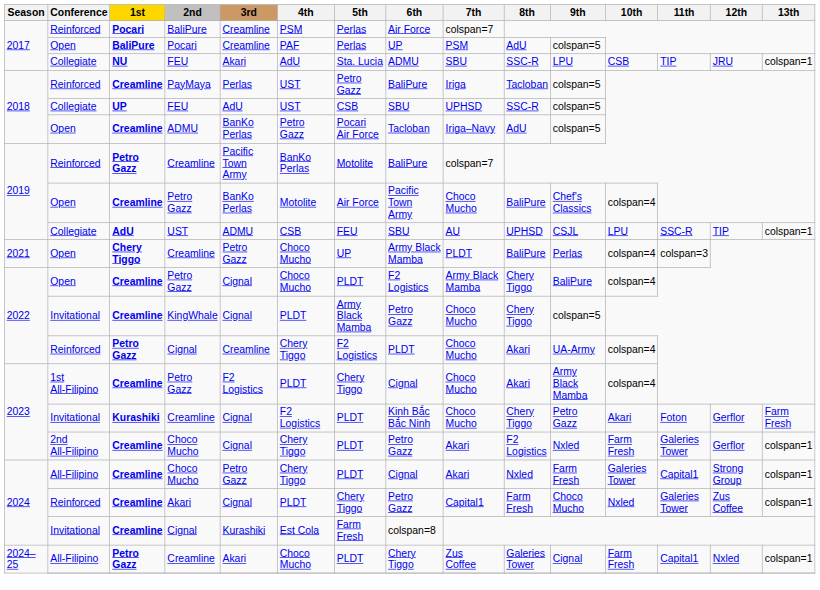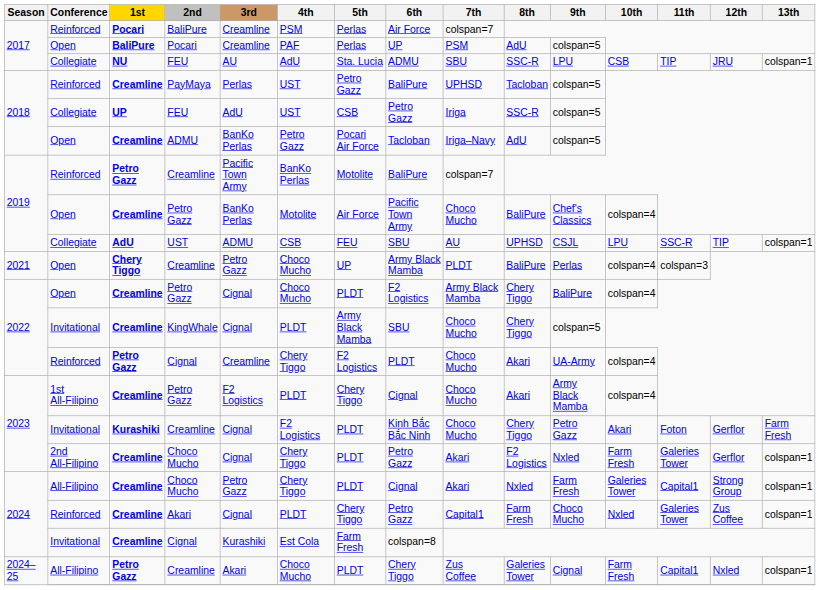 <table class="wikitable">
 <tr>
 <th>Season</th>
 <th>Conference</th>
 <th style="background:gold">1st</th>
 <th style="background:silver">2nd</th>
 <th style="background:#CC9966">3rd</th>
 <th>4th</th>
 <th>5th</th>
 <th>6th</th>
 <th>7th</th>
 <th>8th</th>
 <th>9th</th>
 <th>10th</th>
 <th>11th</th>
 <th>12th</th>
 <th>13th</th>
 </tr>
 <tr>
 <td rowspan=3><a href='#'>2017</a></td>
 <td><a href='#'>Reinforced</a></td>
 <td><strong><a href='#'>Pocari</a></strong></td>
 <td><a href='#'>BaliPure</a></td>
 <td><a href='#'>Creamline</a></td>
 <td><a href='#'>PSM</a></td>
 <td><a href='#'>Perlas</a></td>
 <td><a href='#'>Air Force</a></td>
 <td>colspan=7 </td>
 </tr>
 <tr>
 <td><a href='#'>Open</a></td>
 <td><strong><a href='#'>BaliPure</a></strong></td>
 <td><a href='#'>Pocari</a></td>
 <td><a href='#'>Creamline</a></td>
 <td><a href='#'>PAF</a></td>
 <td><a href='#'>Perlas</a></td>
 <td><a href='#'>UP</a></td>
 <td><a href='#'>PSM</a></td>
 <td><a href='#'>AdU</a></td>
 <td>colspan=5 </td>
 </tr>
 <tr>
 <td><a href='#'>Collegiate</a></td>
 <td><strong><a href='#'>NU</a></strong></td>
 <td><a href='#'>FEU</a></td>
-<td><a href='#'>Akari</a></td>
+<td><a href='#'>AU</a></td>
 <td><a href='#'>AdU</a></td>
 <td><a href='#'>Sta. Lucia</a></td>
 <td><a href='#'>ADMU</a></td>
 <td><a href='#'>SBU</a></td>
 <td><a href='#'>SSC-R</a></td>
 <td><a href='#'>LPU</a></td>
 <td><a href='#'>CSB</a></td>
 <td><a href='#'>TIP</a></td>
 <td><a href='#'>JRU</a></td>
 <td>colspan=1 </td>
 </tr>
 <tr>
 <td rowspan=3><a href='#'>2018</a></td>
 <td><a href='#'>Reinforced</a></td>
 <td><strong><a href='#'>Creamline</a></strong></td>
 <td><a href='#'>PayMaya</a></td>
 <td><a href='#'>Perlas</a></td>
 <td><a href='#'>UST</a></td>
 <td><a href='#'>Petro<br>Gazz</a></td>
 <td><a href='#'>BaliPure</a></td>
-<td><a href='#'>Iriga</a></td>
+<td><a href='#'>UPHSD</a></td>
 <td><a href='#'>Tacloban</a></td>
 <td>colspan=5 </td>
 </tr>
 <tr>
 <td><a href='#'>Collegiate</a></td>
 <td><strong><a href='#'>UP</a></strong></td>
 <td><a href='#'>FEU</a></td>
 <td><a href='#'>AdU</a></td>
 <td><a href='#'>UST</a></td>
 <td><a href='#'>CSB</a></td>
-<td><a href='#'>SBU</a></td>
-<td><a href='#'>UPHSD</a></td>
+<td><a href='#'>Petro<br>Gazz</a></td>
+<td><a href='#'>Iriga</a></td>
 <td><a href='#'>SSC-R</a></td>
 <td>colspan=5 </td>
 </tr>
 <tr>
 <td><a href='#'>Open</a></td>
 <td><strong><a href='#'>Creamline</a></strong></td>
 <td><a href='#'>ADMU</a></td>
 <td><a href='#'>BanKo<br>Perlas</a></td>
 <td><a href='#'>Petro<br>Gazz</a></td>
 <td><a href='#'>Pocari<br>Air Force</a></td>
 <td><a href='#'>Tacloban</a></td>
 <td><a href='#'>Iriga–Navy</a></td>
 <td><a href='#'>AdU</a></td>
 <td>colspan=5 </td>
 </tr>
 <tr>
 <td rowspan=3><a href='#'>2019</a></td>
 <td><a href='#'>Reinforced</a></td>
 <td><strong><a href='#'>Petro<br>Gazz</a></strong></td>
 <td><a href='#'>Creamline</a></td>
 <td><a href='#'>Pacific Town<br>Army</a></td>
 <td><a href='#'>BanKo Perlas</a></td>
 <td><a href='#'>Motolite</a></td>
 <td><a href='#'>BaliPure</a></td>
 <td>colspan=7 </td>
 </tr>
 <tr>
 <td><a href='#'>Open</a></td>
 <td><strong><a href='#'>Creamline</a></strong></td>
 <td><a href='#'>Petro<br>Gazz</a></td>
 <td><a href='#'>BanKo<br>Perlas</a></td>
 <td><a href='#'>Motolite</a></td>
 <td><a href='#'>Air Force</a></td>
 <td><a href='#'>Pacific Town<br>Army</a></td>
 <td><a href='#'>Choco<br>Mucho</a></td>
 <td><a href='#'>BaliPure</a></td>
 <td><a href='#'>Chef's<br>Classics</a></td>
 <td>colspan=4 </td>
 </tr>
 <tr>
 <td><a href='#'>Collegiate</a></td>
 <td><strong><a href='#'>AdU</a></strong></td>
 <td><a href='#'>UST</a></td>
 <td><a href='#'>ADMU</a></td>
 <td><a href='#'>CSB</a></td>
 <td><a href='#'>FEU</a></td>
 <td><a href='#'>SBU</a></td>
 <td><a href='#'>AU</a></td>
 <td><a href='#'>UPHSD</a></td>
 <td><a href='#'>CSJL</a></td>
 <td><a href='#'>LPU</a></td>
 <td><a href='#'>SSC-R</a></td>
 <td><a href='#'>TIP</a></td>
 <td>colspan=1 </td>
 </tr>
 <tr>
 <td><a href='#'>2021</a></td>
 <td><a href='#'>Open</a></td>
 <td><strong><a href='#'>Chery<br>Tiggo</a></strong></td>
 <td><a href='#'>Creamline</a></td>
 <td><a href='#'>Petro<br>Gazz</a></td>
 <td><a href='#'>Choco<br>Mucho</a></td>
 <td><a href='#'>UP</a></td>
 <td><a href='#'>Army Black<br>Mamba</a></td>
 <td><a href='#'>PLDT</a></td>
 <td><a href='#'>BaliPure</a></td>
 <td><a href='#'>Perlas</a></td>
 <td>colspan=4 </td>
 <td>colspan=3 </td>
 </tr>
 <tr>
 <td rowspan=3><a href='#'>2022</a></td>
 <td><a href='#'>Open</a></td>
 <td><strong><a href='#'>Creamline</a></strong></td>
 <td><a href='#'>Petro<br>Gazz</a></td>
 <td><a href='#'>Cignal</a></td>
 <td><a href='#'>Choco<br>Mucho</a></td>
 <td><a href='#'>PLDT</a></td>
 <td><a href='#'>F2<br>Logistics</a></td>
 <td><a href='#'>Army Black<br>Mamba</a></td>
 <td><a href='#'>Chery<br>Tiggo</a></td>
 <td><a href='#'>BaliPure</a></td>
 <td>colspan=4 </td>
 </tr>
 <tr>
 <td><a href='#'>Invitational</a></td>
 <td><strong><a href='#'>Creamline</a></strong></td>
 <td><a href='#'>KingWhale</a></td>
 <td><a href='#'>Cignal</a></td>
 <td><a href='#'>PLDT</a></td>
 <td><a href='#'>Army Black<br>Mamba</a></td>
-<td><a href='#'>Petro<br>Gazz</a></td>
+<td><a href='#'>SBU</a></td>
 <td><a href='#'>Choco<br>Mucho</a></td>
 <td><a href='#'>Chery<br>Tiggo</a></td>
 <td>colspan=5 </td>
 </tr>
 <tr>
 <td><a href='#'>Reinforced</a></td>
 <td><strong><a href='#'>Petro<br>Gazz</a></strong></td>
 <td><a href='#'>Cignal</a></td>
 <td><a href='#'>Creamline</a></td>
 <td><a href='#'>Chery<br>Tiggo</a></td>
 <td><a href='#'>F2<br>Logistics</a></td>
 <td><a href='#'>PLDT</a></td>
 <td><a href='#'>Choco<br>Mucho</a></td>
 <td><a href='#'>Akari</a></td>
 <td><a href='#'>UA-Army</a></td>
 <td>colspan=4 </td>
 </tr>
 <tr>
 <td rowspan=3><a href='#'>2023</a></td>
 <td><a href='#'>1st<br>All-Filipino</a></td>
 <td><strong><a href='#'>Creamline</a></strong></td>
 <td><a href='#'>Petro<br>Gazz</a></td>
 <td><a href='#'>F2<br>Logistics</a></td>
 <td><a href='#'>PLDT</a></td>
 <td><a href='#'>Chery<br>Tiggo</a></td>
 <td><a href='#'>Cignal</a></td>
 <td><a href='#'>Choco<br>Mucho</a></td>
 <td><a href='#'>Akari</a></td>
 <td><a href='#'>Army Black<br>Mamba</a></td>
 <td>colspan=4 </td>
 </tr>
 <tr>
 <td><a href='#'>Invitational</a></td>
 <td><strong><a href='#'>Kurashiki</a></strong></td>
 <td><a href='#'>Creamline</a></td>
 <td><a href='#'>Cignal</a></td>
 <td><a href='#'>F2<br>Logistics</a></td>
 <td><a href='#'>PLDT</a></td>
 <td><a href='#'>Kinh Bắc<br>Bắc Ninh</a></td>
 <td><a href='#'>Choco Mucho</a></td>
 <td><a href='#'>Chery<br>Tiggo</a></td>
 <td><a href='#'>Petro<br>Gazz</a></td>
 <td><a href='#'>Akari</a></td>
 <td><a href='#'>Foton</a></td>
 <td><a href='#'>Gerflor</a></td>
 <td><a href='#'>Farm<br>Fresh</a></td>
 </tr>
 <tr>
 <td><a href='#'>2nd<br>All-Filipino</a></td>
 <td><strong><a href='#'>Creamline</a></strong></td>
 <td><a href='#'>Choco<br>Mucho</a></td>
 <td><a href='#'>Cignal</a></td>
 <td><a href='#'>Chery<br>Tiggo</a></td>
 <td><a href='#'>PLDT</a></td>
 <td><a href='#'>Petro<br>Gazz</a></td>
 <td><a href='#'>Akari</a></td>
 <td><a href='#'>F2<br>Logistics</a></td>
 <td><a href='#'>Nxled</a></td>
 <td><a href='#'>Farm<br>Fresh</a></td>
 <td><a href='#'>Galeries<br>Tower</a></td>
 <td><a href='#'>Gerflor</a></td>
 <td>colspan=1 </td>
 </tr>
 <tr>
 <td rowspan=3><a href='#'>2024</a></td>
 <td><a href='#'>All-Filipino</a></td>
 <td><strong><a href='#'>Creamline</a></strong></td>
 <td><a href='#'>Choco<br>Mucho</a></td>
 <td><a href='#'>Petro<br>Gazz</a></td>
 <td><a href='#'>Chery<br>Tiggo</a></td>
 <td><a href='#'>PLDT</a></td>
 <td><a href='#'>Cignal</a></td>
 <td><a href='#'>Akari</a></td>
 <td><a href='#'>Nxled</a></td>
 <td><a href='#'>Farm<br>Fresh</a></td>
 <td><a href='#'>Galeries<br>Tower</a></td>
 <td><a href='#'>Capital1</a></td>
 <td><a href='#'>Strong Group</a></td>
 <td>colspan=1 </td>
 </tr>
 <tr>
 <td><a href='#'>Reinforced</a></td>
 <td><strong><a href='#'>Creamline</a></strong></td>
 <td><a href='#'>Akari</a></td>
 <td><a href='#'>Cignal</a></td>
 <td><a href='#'>PLDT</a></td>
 <td><a href='#'>Chery<br>Tiggo</a></td>
 <td><a href='#'>Petro<br>Gazz</a></td>
 <td><a href='#'>Capital1</a></td>
 <td><a href='#'>Farm<br>Fresh</a></td>
 <td><a href='#'>Choco<br>Mucho</a></td>
 <td><a href='#'>Nxled</a></td>
 <td><a href='#'>Galeries<br>Tower</a></td>
 <td><a href='#'>Zus<br>Coffee</a></td>
 <td>colspan=1 </td>
 </tr>
 <tr>
 <td><a href='#'>Invitational</a></td>
 <td><strong><a href='#'>Creamline</a></strong></td>
 <td><a href='#'>Cignal</a></td>
 <td><a href='#'>Kurashiki</a></td>
 <td><a href='#'>Est Cola</a></td>
 <td><a href='#'>Farm<br>Fresh</a></td>
 <td>colspan=8 </td>
 </tr>
 <tr>
 <td rowspan=3><a href='#'>2024–25</a></td>
 <td><a href='#'>All-Filipino</a></td>
 <td><strong><a href='#'>Petro<br>Gazz</a></strong></td>
 <td><a href='#'>Creamline</a></td>
 <td><a href='#'>Akari</a></td>
 <td><a href='#'>Choco<br>Mucho</a></td>
 <td><a href='#'>PLDT</a></td>
 <td><a href='#'>Chery<br>Tiggo</a></td>
 <td><a href='#'>Zus<br>Coffee</a></td>
 <td><a href='#'>Galeries<br>Tower</a></td>
 <td><a href='#'>Cignal</a></td>
 <td><a href='#'>Farm<br>Fresh</a></td>
 <td><a href='#'>Capital1</a></td>
 <td><a href='#'>Nxled</a></td>
 <td>colspan=1 </td>
 </tr>
 <tr>
 </tr>
 </table>
